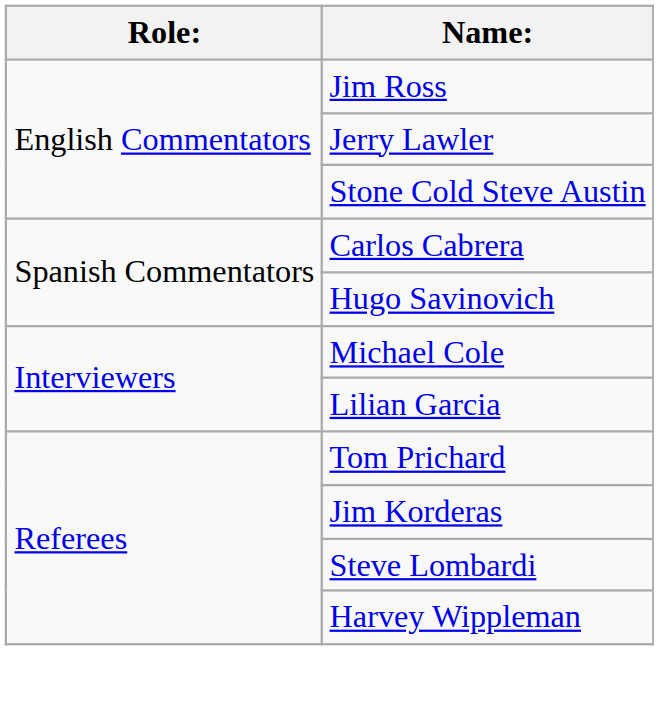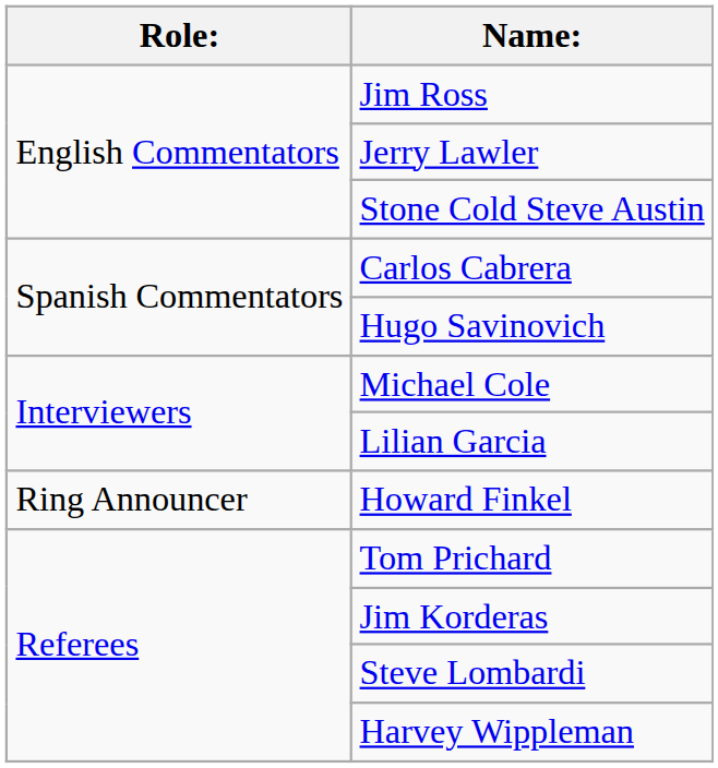 <table class=wikitable style="font-size:90%; margin: 0.5em 0 0.5em 1em; float: right; clear: right;">
 <tr>
 <th>Role:</th>
 <th>Name:</th>
 </tr>
 <tr>
 <td rowspan="3">English <a href='#'>Commentators</a></td>
 <td><a href='#'>Jim Ross</a></td>
 </tr>
 <tr>
 <td><a href='#'>Jerry Lawler</a></td>
 </tr>
 <tr>
 <td><a href='#'>Stone Cold Steve Austin</a> </td>
 </tr>
 <tr>
 <td rowspan="2">Spanish Commentators</td>
 <td><a href='#'>Carlos Cabrera</a></td>
 </tr>
 <tr>
 <td><a href='#'>Hugo Savinovich</a></td>
 </tr>
 <tr>
 <td rowspan="2"><a href='#'>Interviewers</a></td>
 <td><a href='#'>Michael Cole</a></td>
 </tr>
 <tr>
 <td><a href='#'>Lilian Garcia</a></td>
 </tr>
 <tr>
+<td>Ring Announcer</td>
+<td><a href='#'>Howard Finkel</a></td>
+</tr>
+<tr>
 <td rowspan="4"><a href='#'>Referees</a></td>
 <td><a href='#'>Tom Prichard</a></td>
 </tr>
 <tr>
 <td><a href='#'>Jim Korderas</a></td>
 </tr>
 <tr>
 <td><a href='#'>Steve Lombardi</a></td>
 </tr>
 <tr>
 <td><a href='#'>Harvey Wippleman</a></td>
 </tr>
 </table>
